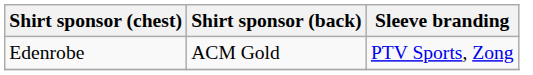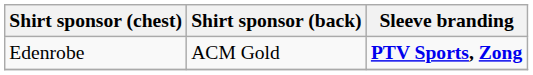 <table class="wikitable"  style="font-size:85%;">
 <tr>
 <th>Shirt sponsor (chest)</th>
 <th>Shirt sponsor (back)</th>
 <th>Sleeve branding</th>
 </tr>
 <tr>
 <td>Edenrobe</td>
 <td>ACM Gold</td>
-<td><a href='#'>PTV Sports</a>, <a href='#'>Zong</a></td>
+<td><strong><a href='#'>PTV Sports</a>, <a href='#'>Zong</a></strong></td>
 </tr>
 <tr>
 </tr>
 </table>
